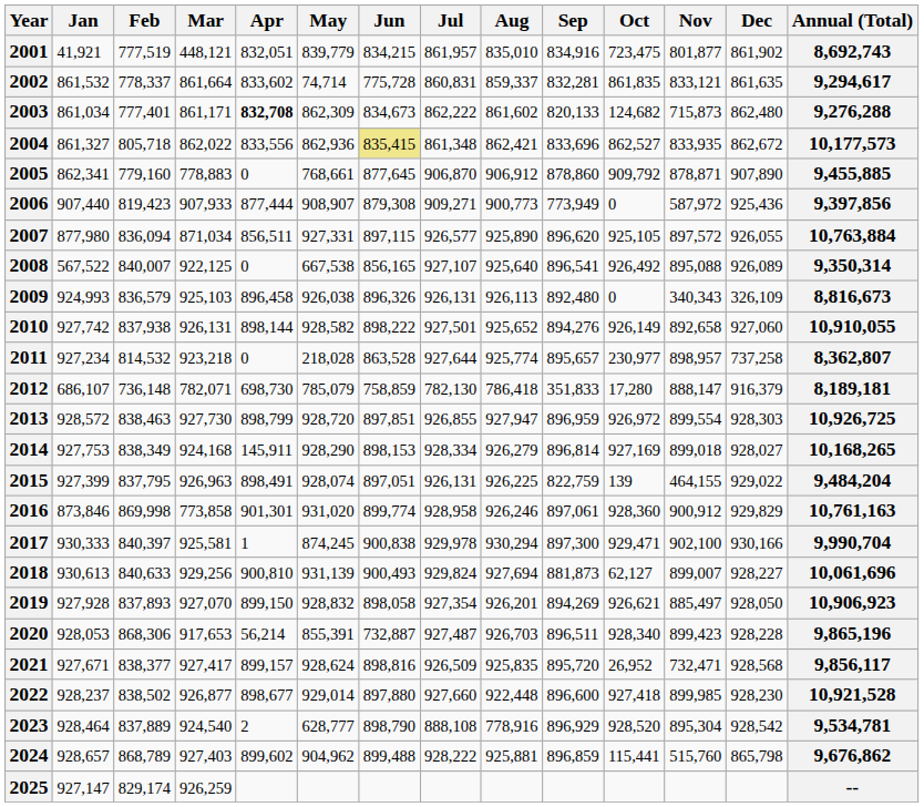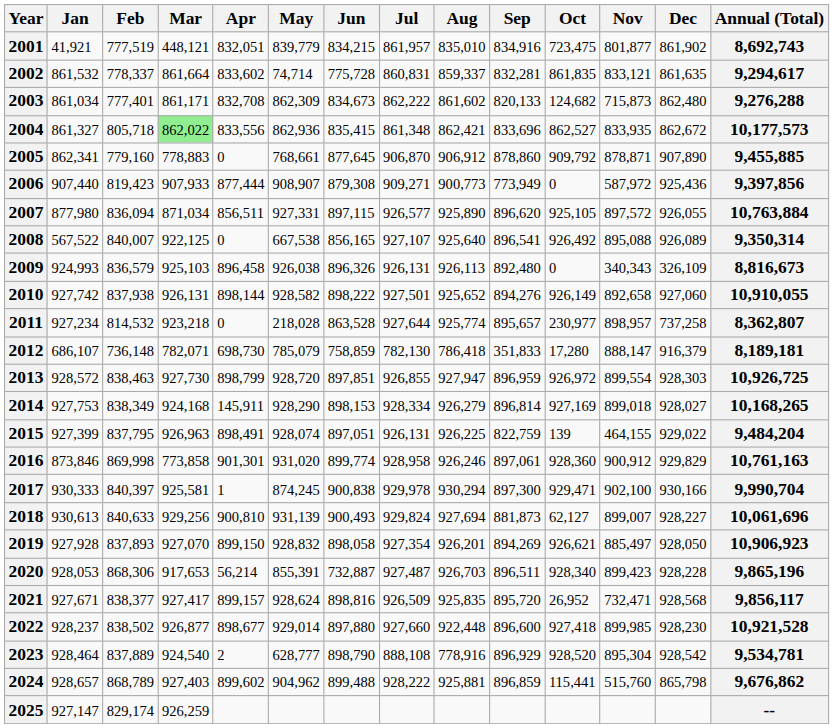 <table class="wikitable">
 <tr>
 <th>Year</th>
 <th>Jan</th>
 <th>Feb</th>
 <th>Mar</th>
 <th>Apr</th>
 <th>May</th>
 <th>Jun</th>
 <th>Jul</th>
 <th>Aug</th>
 <th>Sep</th>
 <th>Oct</th>
 <th>Nov</th>
 <th>Dec</th>
 <th>Annual (Total)</th>
 </tr>
 <tr>
 <th>2001</th>
 <td><small>41,921</small></td>
 <td><small>777,519</small></td>
 <td><small>448,121</small></td>
 <td><small>832,051</small></td>
 <td><small>839,779</small></td>
 <td><small>834,215</small></td>
 <td><small>861,957</small></td>
 <td><small>835,010</small></td>
 <td><small>834,916</small></td>
 <td><small>723,475</small></td>
 <td><small>801,877</small></td>
 <td><small>861,902</small></td>
 <th>8,692,743</th>
 </tr>
 <tr>
 <th>2002</th>
 <td><small>861,532</small></td>
 <td><small>778,337</small></td>
 <td><small>861,664</small></td>
 <td><small>833,602</small></td>
 <td><small>74,714</small></td>
 <td><small>775,728</small></td>
 <td><small>860,831</small></td>
 <td><small>859,337</small></td>
 <td><small>832,281</small></td>
 <td><small>861,835</small></td>
 <td><small>833,121</small></td>
 <td><small>861,635</small></td>
 <th>9,294,617</th>
 </tr>
 <tr>
 <th>2003</th>
 <td><small>861,034</small></td>
 <td><small>777,401</small></td>
 <td><small>861,171</small></td>
-<td><strong><small>832,708</small></strong></td>
+<td><small>832,708</small></td>
 <td><small>862,309</small></td>
 <td><small>834,673</small></td>
 <td><small>862,222</small></td>
 <td><small>861,602</small></td>
 <td><small>820,133</small></td>
 <td><small>124,682</small></td>
 <td><small>715,873</small></td>
 <td><small>862,480</small></td>
 <th>9,276,288</th>
 </tr>
 <tr>
 <th>2004</th>
 <td><small>861,327</small></td>
 <td><small>805,718</small></td>
-<td><small>862,022</small></td>
+<td style="background: lightgreen;"><small>862,022</small></td>
 <td><small>833,556</small></td>
 <td><small>862,936</small></td>
-<td style="background: khaki;"><small>835,415</small></td>
+<td><small>835,415</small></td>
 <td><small>861,348</small></td>
 <td><small>862,421</small></td>
 <td><small>833,696</small></td>
 <td><small>862,527</small></td>
 <td><small>833,935</small></td>
 <td><small>862,672</small></td>
 <th>10,177,573</th>
 </tr>
 <tr>
 <th>2005</th>
 <td><small>862,341</small></td>
 <td><small>779,160</small></td>
 <td><small>778,883</small></td>
 <td><small>0</small></td>
 <td><small>768,661</small></td>
 <td><small>877,645</small></td>
 <td><small>906,870</small></td>
 <td><small>906,912</small></td>
 <td><small>878,860</small></td>
 <td><small>909,792</small></td>
 <td><small>878,871</small></td>
 <td><small>907,890</small></td>
 <th>9,455,885</th>
 </tr>
 <tr>
 <th>2006</th>
 <td><small>907,440</small></td>
 <td><small>819,423</small></td>
 <td><small>907,933</small></td>
 <td><small>877,444</small></td>
 <td><small>908,907</small></td>
 <td><small>879,308</small></td>
 <td><small>909,271</small></td>
 <td><small>900,773</small></td>
 <td><small>773,949</small></td>
 <td><small>0</small></td>
 <td><small>587,972</small></td>
 <td><small>925,436</small></td>
 <th>9,397,856</th>
 </tr>
 <tr>
 <th>2007</th>
 <td><small>877,980</small></td>
 <td><small>836,094</small></td>
 <td><small>871,034</small></td>
 <td><small>856,511</small></td>
 <td><small>927,331</small></td>
 <td><small>897,115</small></td>
 <td><small>926,577</small></td>
 <td><small>925,890</small></td>
 <td><small>896,620</small></td>
 <td><small>925,105</small></td>
 <td><small>897,572</small></td>
 <td><small>926,055</small></td>
 <th>10,763,884</th>
 </tr>
 <tr>
 <th>2008</th>
 <td><small>567,522</small></td>
 <td><small>840,007</small></td>
 <td><small>922,125</small></td>
 <td><small>0</small></td>
 <td><small>667,538</small></td>
 <td><small>856,165</small></td>
 <td><small>927,107</small></td>
 <td><small>925,640</small></td>
 <td><small>896,541</small></td>
 <td><small>926,492</small></td>
 <td><small>895,088</small></td>
 <td><small>926,089</small></td>
 <th>9,350,314</th>
 </tr>
 <tr>
 <th>2009</th>
 <td><small>924,993</small></td>
 <td><small>836,579</small></td>
 <td><small>925,103</small></td>
 <td><small>896,458</small></td>
 <td><small>926,038</small></td>
 <td><small>896,326</small></td>
 <td><small>926,131</small></td>
 <td><small>926,113</small></td>
 <td><small>892,480</small></td>
 <td><small>0</small></td>
 <td><small>340,343</small></td>
 <td><small>326,109</small></td>
 <th>8,816,673</th>
 </tr>
 <tr>
 <th>2010</th>
 <td><small>927,742</small></td>
 <td><small>837,938</small></td>
 <td><small>926,131</small></td>
 <td><small>898,144</small></td>
 <td><small>928,582</small></td>
 <td><small>898,222</small></td>
 <td><small>927,501</small></td>
 <td><small>925,652</small></td>
 <td><small>894,276</small></td>
 <td><small>926,149</small></td>
 <td><small>892,658</small></td>
 <td><small>927,060</small></td>
 <th>10,910,055</th>
 </tr>
 <tr>
 <th>2011</th>
 <td><small>927,234</small></td>
 <td><small>814,532</small></td>
 <td><small>923,218</small></td>
 <td><small>0</small></td>
 <td><small>218,028</small></td>
 <td><small>863,528</small></td>
 <td><small>927,644</small></td>
 <td><small>925,774</small></td>
 <td><small>895,657</small></td>
 <td><small>230,977</small></td>
 <td><small>898,957</small></td>
 <td><small>737,258</small></td>
 <th>8,362,807</th>
 </tr>
 <tr>
 <th>2012</th>
 <td><small>686,107</small></td>
 <td><small>736,148</small></td>
 <td><small>782,071</small></td>
 <td><small>698,730</small></td>
 <td><small>785,079</small></td>
 <td><small>758,859</small></td>
 <td><small>782,130</small></td>
 <td><small>786,418</small></td>
 <td><small>351,833</small></td>
 <td><small>17,280</small></td>
 <td><small>888,147</small></td>
 <td><small>916,379</small></td>
 <th>8,189,181</th>
 </tr>
 <tr>
 <th>2013</th>
 <td><small>928,572</small></td>
 <td><small>838,463</small></td>
 <td><small>927,730</small></td>
 <td><small>898,799</small></td>
 <td><small>928,720</small></td>
 <td><small>897,851</small></td>
 <td><small>926,855</small></td>
 <td><small>927,947</small></td>
 <td><small>896,959</small></td>
 <td><small>926,972</small></td>
 <td><small>899,554</small></td>
 <td><small>928,303</small></td>
 <th>10,926,725</th>
 </tr>
 <tr>
 <th>2014</th>
 <td><small>927,753</small></td>
 <td><small>838,349</small></td>
 <td><small>924,168</small></td>
 <td><small>145,911</small></td>
 <td><small>928,290</small></td>
 <td><small>898,153</small></td>
 <td><small>928,334</small></td>
 <td><small>926,279</small></td>
 <td><small>896,814</small></td>
 <td><small>927,169</small></td>
 <td><small>899,018</small></td>
 <td><small>928,027</small></td>
 <th>10,168,265</th>
 </tr>
 <tr>
 <th>2015</th>
 <td><small>927,399</small></td>
 <td><small>837,795</small></td>
 <td><small>926,963</small></td>
 <td><small>898,491</small></td>
 <td><small>928,074</small></td>
 <td><small>897,051</small></td>
 <td><small>926,131</small></td>
 <td><small>926,225</small></td>
 <td><small>822,759</small></td>
 <td><small>139</small></td>
 <td><small>464,155</small></td>
 <td><small>929,022</small></td>
 <th>9,484,204</th>
 </tr>
 <tr>
 <th>2016</th>
 <td><small>873,846</small></td>
 <td><small>869,998</small></td>
 <td><small>773,858</small></td>
 <td><small>901,301</small></td>
 <td><small>931,020</small></td>
 <td><small>899,774</small></td>
 <td><small>928,958</small></td>
 <td><small>926,246</small></td>
 <td><small>897,061</small></td>
 <td><small>928,360</small></td>
 <td><small>900,912</small></td>
 <td><small>929,829</small></td>
 <th>10,761,163</th>
 </tr>
 <tr>
 <th>2017</th>
 <td><small>930,333</small></td>
 <td><small>840,397</small></td>
 <td><small>925,581</small></td>
 <td><small>1</small></td>
 <td><small>874,245</small></td>
 <td><small>900,838</small></td>
 <td><small>929,978</small></td>
 <td><small>930,294</small></td>
 <td><small>897,300</small></td>
 <td><small>929,471</small></td>
 <td><small>902,100</small></td>
 <td><small>930,166</small></td>
 <th>9,990,704</th>
 </tr>
 <tr>
 <th>2018</th>
 <td><small>930,613</small></td>
 <td><small>840,633</small></td>
 <td><small>929,256</small></td>
 <td><small>900,810</small></td>
 <td><small>931,139</small></td>
 <td><small>900,493</small></td>
 <td><small>929,824</small></td>
 <td><small>927,694</small></td>
 <td><small>881,873</small></td>
 <td><small>62,127</small></td>
 <td><small>899,007</small></td>
 <td><small>928,227</small></td>
 <th>10,061,696</th>
 </tr>
 <tr>
 <th>2019</th>
 <td><small>927,928</small></td>
 <td><small>837,893</small></td>
 <td><small>927,070</small></td>
 <td><small>899,150</small></td>
 <td><small>928,832</small></td>
 <td><small>898,058</small></td>
 <td><small>927,354</small></td>
 <td><small>926,201</small></td>
 <td><small>894,269</small></td>
 <td><small>926,621</small></td>
 <td><small>885,497</small></td>
 <td><small>928,050</small></td>
 <th>10,906,923</th>
 </tr>
 <tr>
 <th>2020</th>
 <td><small>928,053</small></td>
 <td><small>868,306</small></td>
 <td><small>917,653</small></td>
 <td><small>56,214</small></td>
 <td><small>855,391</small></td>
 <td><small>732,887</small></td>
 <td><small>927,487</small></td>
 <td><small>926,703</small></td>
 <td><small>896,511</small></td>
 <td><small>928,340</small></td>
 <td><small>899,423</small></td>
 <td><small>928,228</small></td>
 <th>9,865,196</th>
 </tr>
 <tr>
 <th>2021</th>
 <td><small>927,671</small></td>
 <td><small>838,377</small></td>
 <td><small>927,417</small></td>
 <td><small>899,157</small></td>
 <td><small>928,624</small></td>
 <td><small>898,816</small></td>
 <td><small>926,509</small></td>
 <td><small>925,835</small></td>
 <td><small>895,720</small></td>
 <td><small>26,952</small></td>
 <td><small>732,471</small></td>
 <td><small>928,568</small></td>
 <th>9,856,117</th>
 </tr>
 <tr>
 <th>2022</th>
 <td><small>928,237</small></td>
 <td><small>838,502</small></td>
 <td><small>926,877</small></td>
 <td><small>898,677</small></td>
 <td><small>929,014</small></td>
 <td><small>897,880</small></td>
 <td><small>927,660</small></td>
 <td><small>922,448</small></td>
 <td><small>896,600</small></td>
 <td><small>927,418</small></td>
 <td><small>899,985</small></td>
 <td><small>928,230</small></td>
 <th>10,921,528</th>
 </tr>
 <tr>
 <th>2023</th>
 <td><small>928,464</small></td>
 <td><small>837,889</small></td>
 <td><small>924,540</small></td>
 <td><small>2</small></td>
 <td><small>628,777</small></td>
 <td><small>898,790</small></td>
 <td><small>888,108</small></td>
 <td><small>778,916</small></td>
 <td><small>896,929</small></td>
 <td><small>928,520</small></td>
 <td><small>895,304</small></td>
 <td><small>928,542</small></td>
 <th>9,534,781</th>
 </tr>
 <tr>
 <th>2024</th>
 <td><small>928,657</small></td>
 <td><small>868,789</small></td>
 <td><small>927,403</small></td>
 <td><small>899,602</small></td>
 <td><small>904,962</small></td>
 <td><small>899,488</small></td>
 <td><small>928,222</small></td>
 <td><small>925,881</small></td>
 <td><small>896,859</small></td>
 <td><small>115,441</small></td>
 <td><small>515,760</small></td>
 <td><small>865,798</small></td>
 <th>9,676,862</th>
 </tr>
 <tr>
 <th>2025</th>
 <td><small>927,147</small></td>
 <td><small>829,174</small></td>
 <td><small>926,259</small></td>
 <td><small></small></td>
 <td><small></small></td>
 <td><small></small></td>
 <td><small></small></td>
 <td><small></small></td>
 <td><small></small></td>
 <td><small></small></td>
 <td><small></small></td>
 <td><small></small></td>
 <th>--</th>
 </tr>
 <tr>
 </tr>
 </table>
